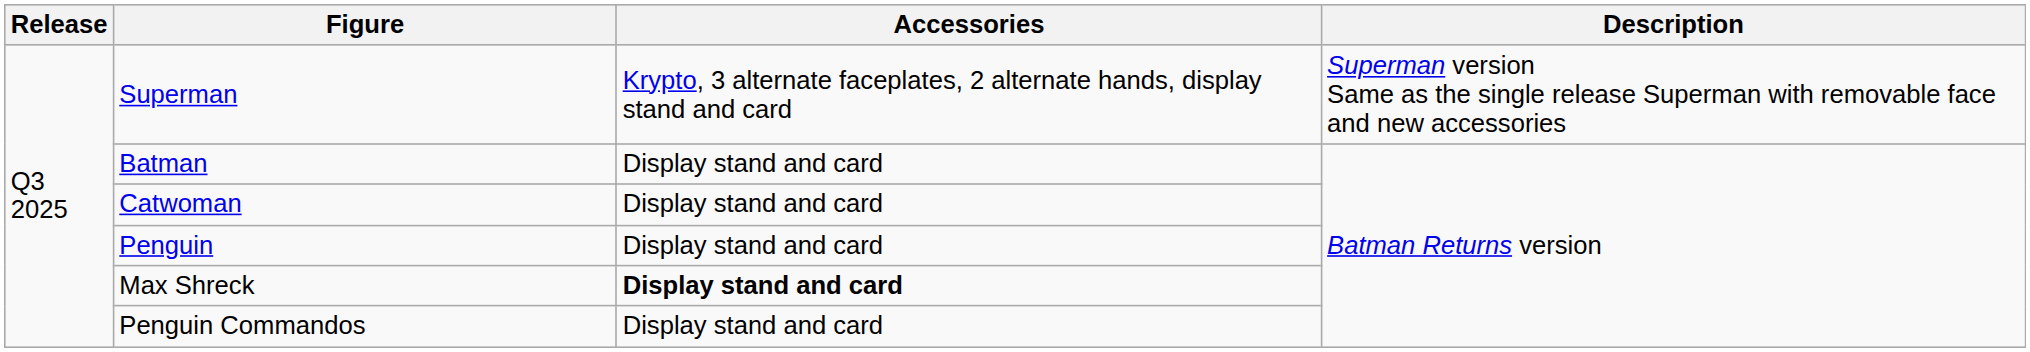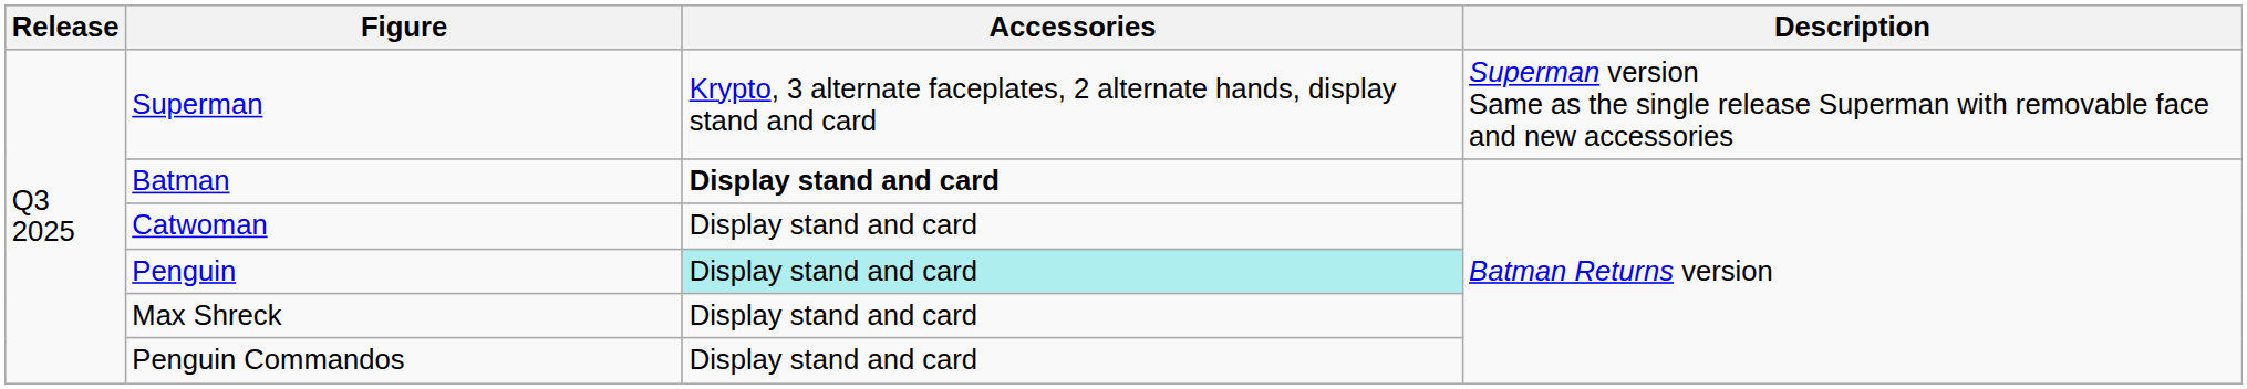 <table class="wikitable" style="width:100%;">
 <tr>
 <th width=5%!scope="col">Release</th>
 <th width=25%!scope="col">Figure</th>
 <th width=35%!scope="col">Accessories</th>
 <th width=35%!scope="col">Description</th>
 </tr>
 <tr>
 <td rowspan=6>Q3 2025</td>
 <td><a href='#'>Superman</a></td>
 <td><a href='#'>Krypto</a>, 3 alternate faceplates, 2 alternate hands, display stand and card</td>
 <td><em><a href='#'>Superman</a></em> version<br>Same as the single release Superman with removable face and new accessories</td>
 </tr>
 <tr>
 <td><a href='#'>Batman</a></td>
-<td>Display stand and card</td>
+<td><strong>Display stand and card</strong></td>
 <td rowspan=5><em><a href='#'>Batman Returns</a></em> version</td>
 </tr>
 <tr>
 <td><a href='#'>Catwoman</a></td>
 <td>Display stand and card</td>
 </tr>
 <tr>
 <td><a href='#'>Penguin</a></td>
-<td>Display stand and card</td>
+<td style="background: paleturquoise;">Display stand and card</td>
 </tr>
 <tr>
 <td>Max Shreck</td>
-<td><strong>Display stand and card</strong></td>
+<td>Display stand and card</td>
 </tr>
 <tr>
 <td>Penguin Commandos</td>
 <td>Display stand and card</td>
 </tr>
 </table>
